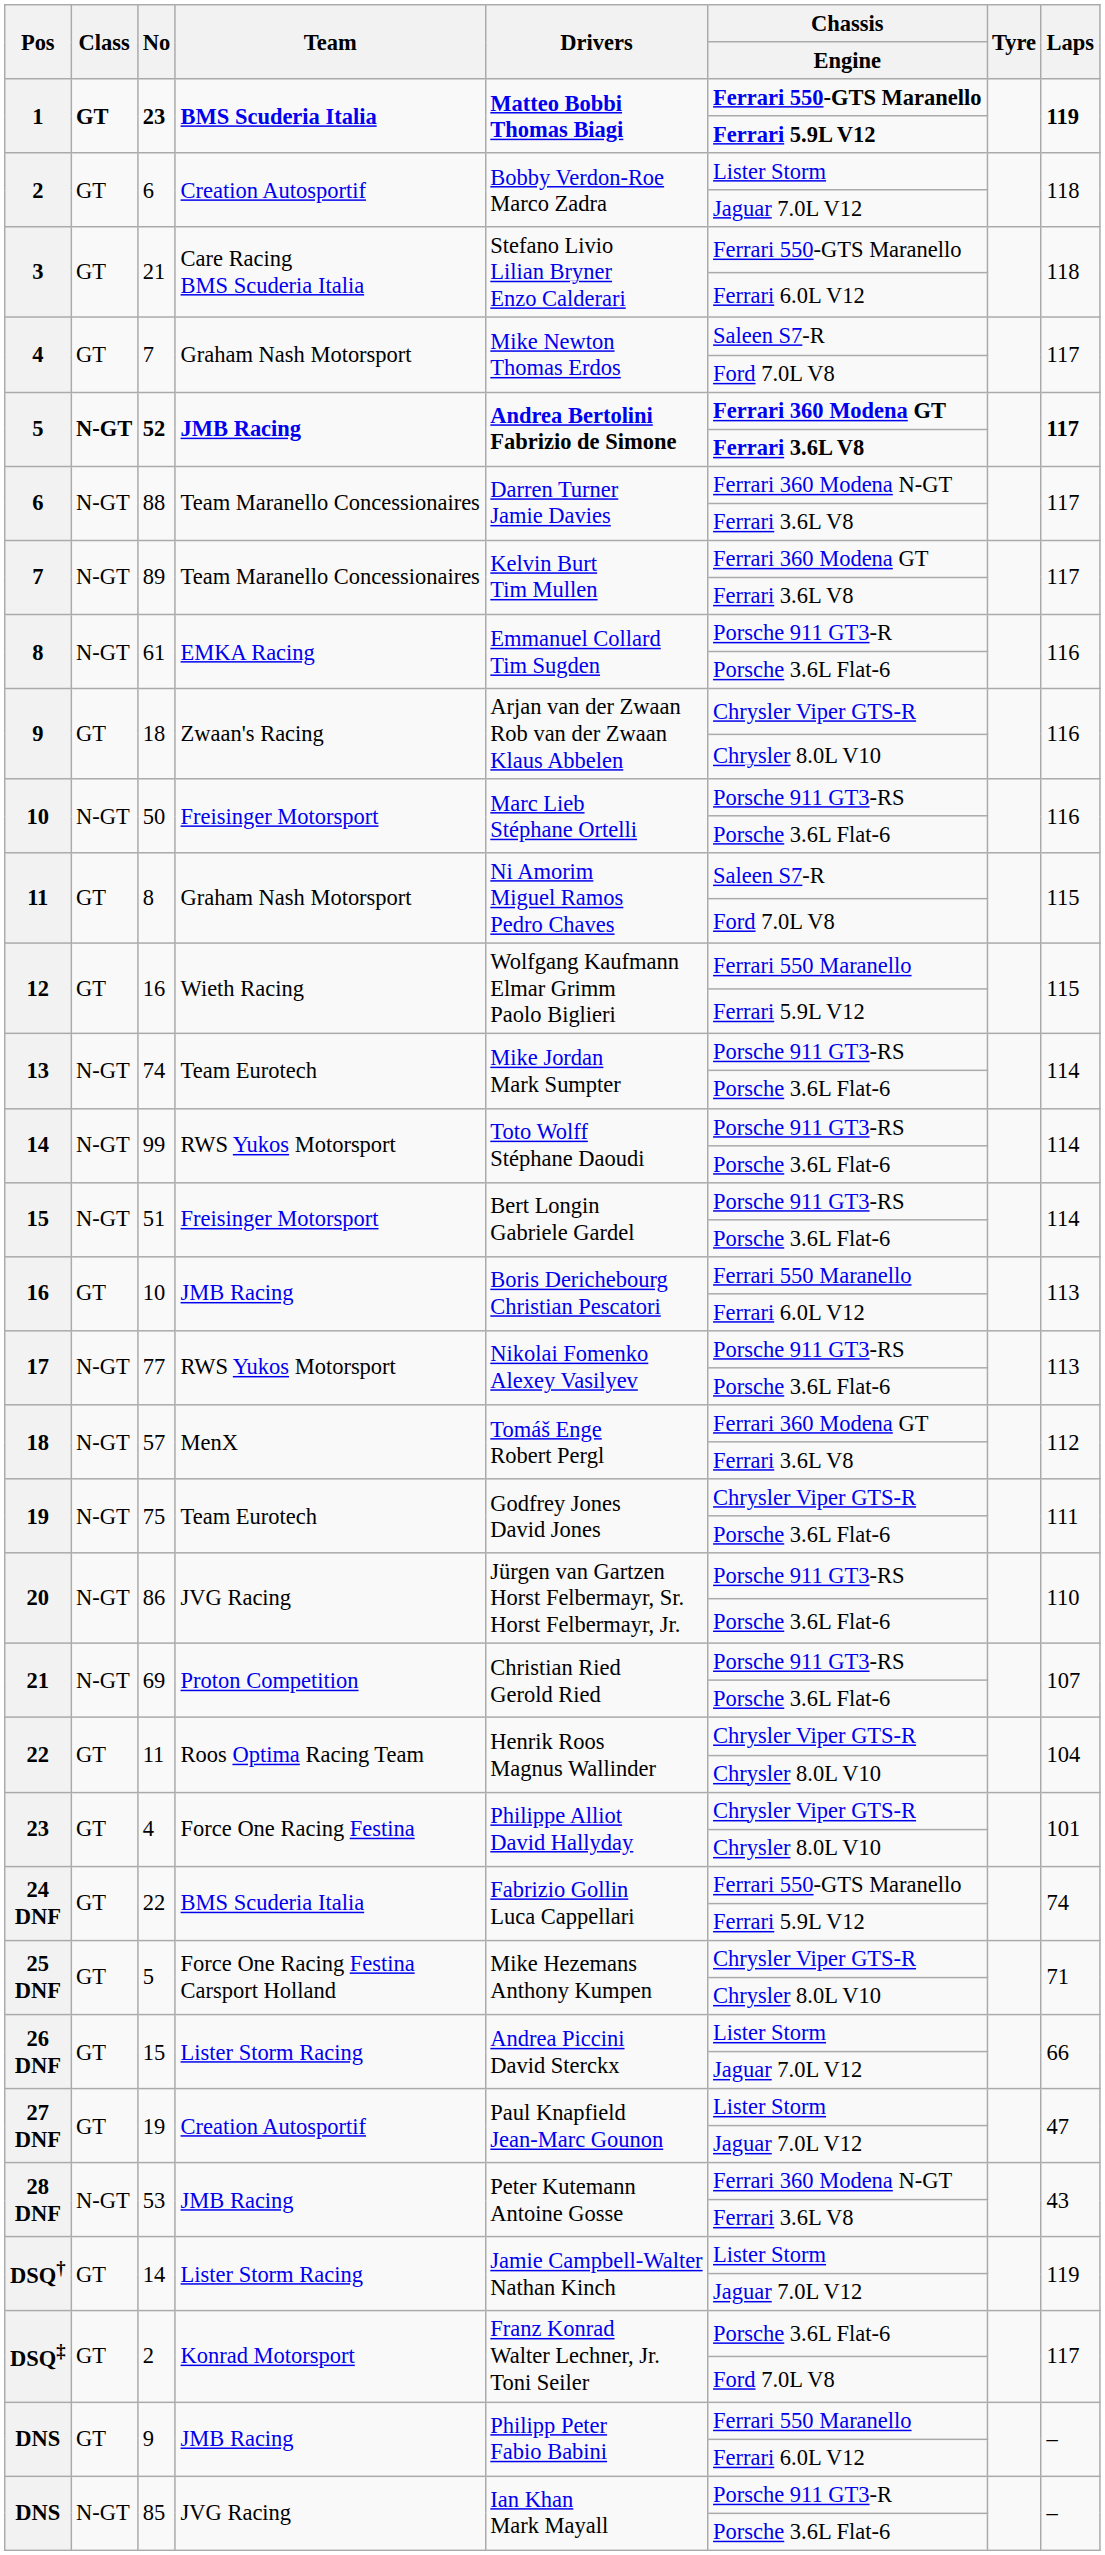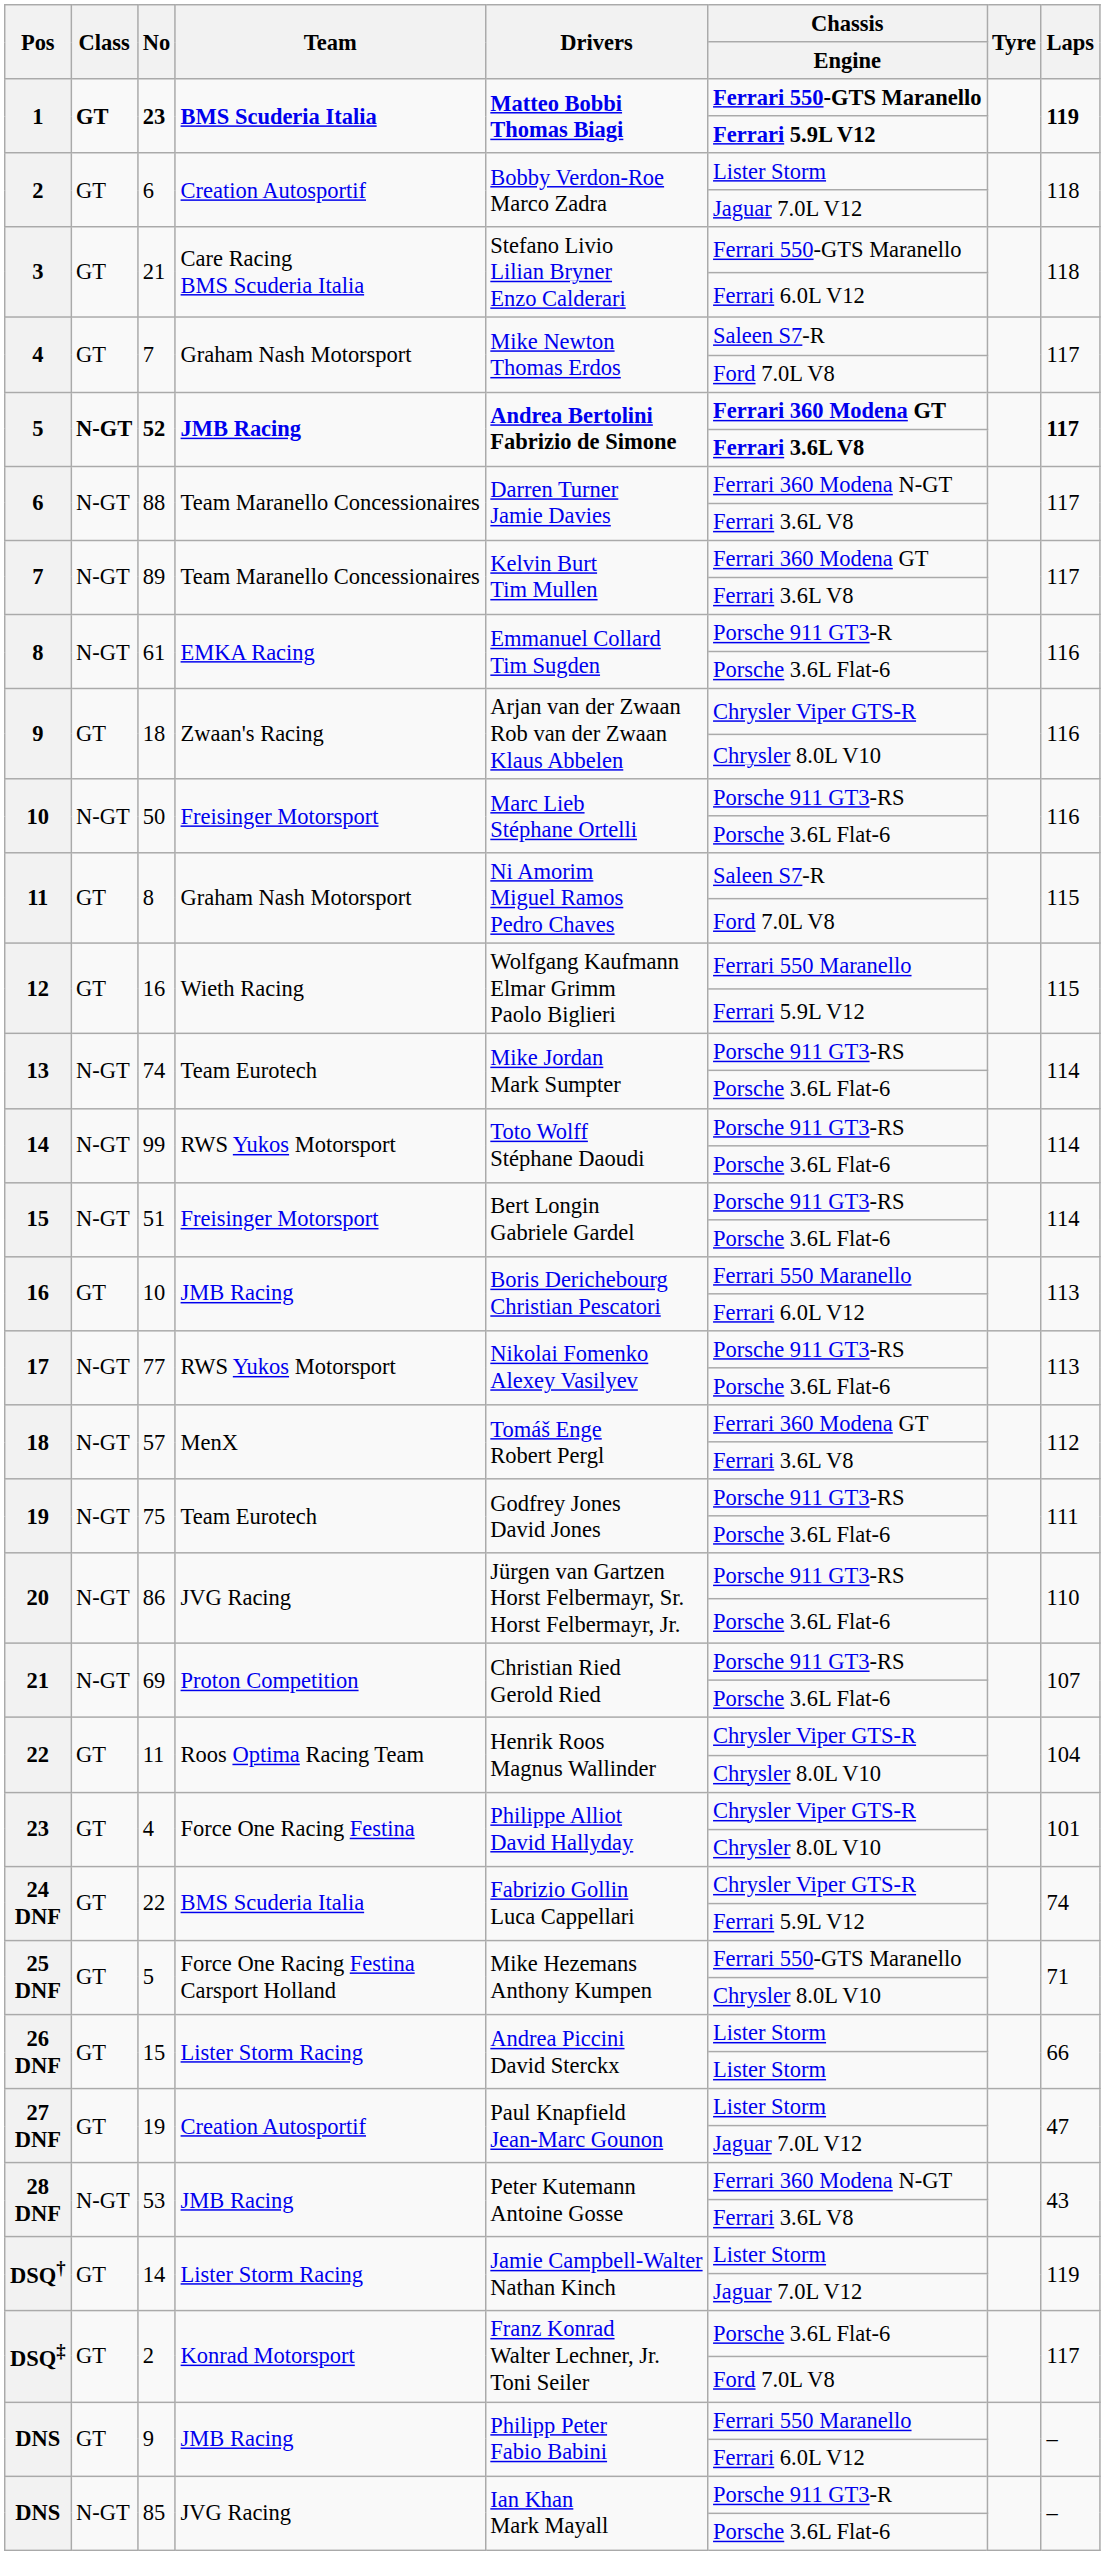 <table class="wikitable" style="font-size: 95%;">
 <tr>
 <th rowspan=2>Pos</th>
 <th rowspan=2>Class</th>
 <th rowspan=2>No</th>
 <th rowspan=2>Team</th>
 <th rowspan=2>Drivers</th>
 <th>Chassis</th>
 <th rowspan=2>Tyre</th>
 <th rowspan=2>Laps</th>
 </tr>
 <tr>
 <th>Engine</th>
 </tr>
 <tr style="font-weight:bold">
 <th rowspan=2>1</th>
 <td rowspan=2>GT</td>
 <td rowspan=2>23</td>
 <td rowspan=2> <a href='#'>BMS Scuderia Italia</a></td>
 <td rowspan=2> <a href='#'>Matteo Bobbi</a><br> <a href='#'>Thomas Biagi</a></td>
 <td><a href='#'>Ferrari 550</a>-GTS Maranello</td>
 <td rowspan=2></td>
 <td rowspan=2>119</td>
 </tr>
 <tr style="font-weight:bold">
 <td><a href='#'>Ferrari</a> 5.9L V12</td>
 </tr>
 <tr>
 <th rowspan=2>2</th>
 <td rowspan=2>GT</td>
 <td rowspan=2>6</td>
 <td rowspan=2> <a href='#'>Creation Autosportif</a></td>
 <td rowspan=2> <a href='#'>Bobby Verdon-Roe</a><br> Marco Zadra</td>
 <td><a href='#'>Lister Storm</a></td>
 <td rowspan=2></td>
 <td rowspan=2>118</td>
 </tr>
 <tr>
 <td><a href='#'>Jaguar</a> 7.0L V12</td>
 </tr>
 <tr>
 <th rowspan=2>3</th>
 <td rowspan=2>GT</td>
 <td rowspan=2>21</td>
 <td rowspan=2> Care Racing<br> <a href='#'>BMS Scuderia Italia</a></td>
 <td rowspan=2> Stefano Livio<br> <a href='#'>Lilian Bryner</a><br> <a href='#'>Enzo Calderari</a></td>
 <td><a href='#'>Ferrari 550</a>-GTS Maranello</td>
 <td rowspan=2></td>
 <td rowspan=2>118</td>
 </tr>
 <tr>
 <td><a href='#'>Ferrari</a> 6.0L V12</td>
 </tr>
 <tr>
 <th rowspan=2>4</th>
 <td rowspan=2>GT</td>
 <td rowspan=2>7</td>
 <td rowspan=2> Graham Nash Motorsport</td>
 <td rowspan=2> <a href='#'>Mike Newton</a><br> <a href='#'>Thomas Erdos</a></td>
 <td><a href='#'>Saleen S7</a>-R</td>
 <td rowspan=2></td>
 <td rowspan=2>117</td>
 </tr>
 <tr>
 <td><a href='#'>Ford</a> 7.0L V8</td>
 </tr>
 <tr style="font-weight:bold">
 <th rowspan=2>5</th>
 <td rowspan=2>N-GT</td>
 <td rowspan=2>52</td>
 <td rowspan=2> <a href='#'>JMB Racing</a></td>
 <td rowspan=2> <a href='#'>Andrea Bertolini</a><br> Fabrizio de Simone</td>
 <td><a href='#'>Ferrari 360 Modena</a> GT</td>
 <td rowspan=2></td>
 <td rowspan=2>117</td>
 </tr>
 <tr style="font-weight:bold">
 <td><a href='#'>Ferrari</a> 3.6L V8</td>
 </tr>
 <tr>
 <th rowspan=2>6</th>
 <td rowspan=2>N-GT</td>
 <td rowspan=2>88</td>
 <td rowspan=2> Team Maranello Concessionaires</td>
 <td rowspan=2> <a href='#'>Darren Turner</a><br> <a href='#'>Jamie Davies</a></td>
 <td><a href='#'>Ferrari 360 Modena</a> N-GT</td>
 <td rowspan=2></td>
 <td rowspan=2>117</td>
 </tr>
 <tr>
 <td><a href='#'>Ferrari</a> 3.6L V8</td>
 </tr>
 <tr>
 <th rowspan=2>7</th>
 <td rowspan=2>N-GT</td>
 <td rowspan=2>89</td>
 <td rowspan=2> Team Maranello Concessionaires</td>
 <td rowspan=2> <a href='#'>Kelvin Burt</a><br> <a href='#'>Tim Mullen</a></td>
 <td><a href='#'>Ferrari 360 Modena</a> GT</td>
 <td rowspan=2></td>
 <td rowspan=2>117</td>
 </tr>
 <tr>
 <td><a href='#'>Ferrari</a> 3.6L V8</td>
 </tr>
 <tr>
 <th rowspan=2>8</th>
 <td rowspan=2>N-GT</td>
 <td rowspan=2>61</td>
 <td rowspan=2> <a href='#'>EMKA Racing</a></td>
 <td rowspan=2> <a href='#'>Emmanuel Collard</a><br> <a href='#'>Tim Sugden</a></td>
 <td><a href='#'>Porsche 911 GT3</a>-R</td>
 <td rowspan=2></td>
 <td rowspan=2>116</td>
 </tr>
 <tr>
 <td><a href='#'>Porsche</a> 3.6L Flat-6</td>
 </tr>
 <tr>
 <th rowspan=2>9</th>
 <td rowspan=2>GT</td>
 <td rowspan=2>18</td>
 <td rowspan=2> Zwaan's Racing</td>
 <td rowspan=2> Arjan van der Zwaan<br> Rob van der Zwaan<br> <a href='#'>Klaus Abbelen</a></td>
 <td><a href='#'>Chrysler Viper GTS-R</a></td>
 <td rowspan=2></td>
 <td rowspan=2>116</td>
 </tr>
 <tr>
 <td><a href='#'>Chrysler</a> 8.0L V10</td>
 </tr>
 <tr>
 <th rowspan=2>10</th>
 <td rowspan=2>N-GT</td>
 <td rowspan=2>50</td>
 <td rowspan=2> <a href='#'>Freisinger Motorsport</a></td>
 <td rowspan=2> <a href='#'>Marc Lieb</a><br> <a href='#'>Stéphane Ortelli</a></td>
 <td><a href='#'>Porsche 911 GT3</a>-RS</td>
 <td rowspan=2></td>
 <td rowspan=2>116</td>
 </tr>
 <tr>
 <td><a href='#'>Porsche</a> 3.6L Flat-6</td>
 </tr>
 <tr>
 <th rowspan=2>11</th>
 <td rowspan=2>GT</td>
 <td rowspan=2>8</td>
 <td rowspan=2> Graham Nash Motorsport</td>
 <td rowspan=2> <a href='#'>Ni Amorim</a><br> <a href='#'>Miguel Ramos</a><br> <a href='#'>Pedro Chaves</a></td>
 <td><a href='#'>Saleen S7</a>-R</td>
 <td rowspan=2></td>
 <td rowspan=2>115</td>
 </tr>
 <tr>
 <td><a href='#'>Ford</a> 7.0L V8</td>
 </tr>
 <tr>
 <th rowspan=2>12</th>
 <td rowspan=2>GT</td>
 <td rowspan=2>16</td>
 <td rowspan=2> Wieth Racing</td>
 <td rowspan=2> Wolfgang Kaufmann<br> Elmar Grimm<br> Paolo Biglieri</td>
 <td><a href='#'>Ferrari 550 Maranello</a></td>
 <td rowspan=2></td>
 <td rowspan=2>115</td>
 </tr>
 <tr>
 <td><a href='#'>Ferrari</a> 5.9L V12</td>
 </tr>
 <tr>
 <th rowspan=2>13</th>
 <td rowspan=2>N-GT</td>
 <td rowspan=2>74</td>
 <td rowspan=2> Team Eurotech</td>
 <td rowspan=2> <a href='#'>Mike Jordan</a><br> Mark Sumpter</td>
 <td><a href='#'>Porsche 911 GT3</a>-RS</td>
 <td rowspan=2></td>
 <td rowspan=2>114</td>
 </tr>
 <tr>
 <td><a href='#'>Porsche</a> 3.6L Flat-6</td>
 </tr>
 <tr>
 <th rowspan=2>14</th>
 <td rowspan=2>N-GT</td>
 <td rowspan=2>99</td>
 <td rowspan=2> RWS <a href='#'>Yukos</a> Motorsport</td>
 <td rowspan=2> <a href='#'>Toto Wolff</a><br> Stéphane Daoudi</td>
 <td><a href='#'>Porsche 911 GT3</a>-RS</td>
 <td rowspan=2></td>
 <td rowspan=2>114</td>
 </tr>
 <tr>
 <td><a href='#'>Porsche</a> 3.6L Flat-6</td>
 </tr>
 <tr>
 <th rowspan=2>15</th>
 <td rowspan=2>N-GT</td>
 <td rowspan=2>51</td>
 <td rowspan=2> <a href='#'>Freisinger Motorsport</a></td>
 <td rowspan=2> Bert Longin<br> Gabriele Gardel</td>
 <td><a href='#'>Porsche 911 GT3</a>-RS</td>
 <td rowspan=2></td>
 <td rowspan=2>114</td>
 </tr>
 <tr>
 <td><a href='#'>Porsche</a> 3.6L Flat-6</td>
 </tr>
 <tr>
 <th rowspan=2>16</th>
 <td rowspan=2>GT</td>
 <td rowspan=2>10</td>
 <td rowspan=2> <a href='#'>JMB Racing</a></td>
 <td rowspan=2> <a href='#'>Boris Derichebourg</a><br> <a href='#'>Christian Pescatori</a></td>
 <td><a href='#'>Ferrari 550 Maranello</a></td>
 <td rowspan=2></td>
 <td rowspan=2>113</td>
 </tr>
 <tr>
 <td><a href='#'>Ferrari</a> 6.0L V12</td>
 </tr>
 <tr>
 <th rowspan=2>17</th>
 <td rowspan=2>N-GT</td>
 <td rowspan=2>77</td>
 <td rowspan=2> RWS <a href='#'>Yukos</a> Motorsport</td>
 <td rowspan=2> <a href='#'>Nikolai Fomenko</a><br> <a href='#'>Alexey Vasilyev</a></td>
 <td><a href='#'>Porsche 911 GT3</a>-RS</td>
 <td rowspan=2></td>
 <td rowspan=2>113</td>
 </tr>
 <tr>
 <td><a href='#'>Porsche</a> 3.6L Flat-6</td>
 </tr>
 <tr>
 <th rowspan=2>18</th>
 <td rowspan=2>N-GT</td>
 <td rowspan=2>57</td>
 <td rowspan=2> MenX</td>
 <td rowspan=2> <a href='#'>Tomáš Enge</a><br> Robert Pergl</td>
 <td><a href='#'>Ferrari 360 Modena</a> GT</td>
 <td rowspan=2></td>
 <td rowspan=2>112</td>
 </tr>
 <tr>
 <td><a href='#'>Ferrari</a> 3.6L V8</td>
 </tr>
 <tr>
 <th rowspan=2>19</th>
 <td rowspan=2>N-GT</td>
 <td rowspan=2>75</td>
 <td rowspan=2> Team Eurotech</td>
 <td rowspan=2> Godfrey Jones<br> David Jones</td>
-<td><a href='#'>Chrysler Viper GTS-R</a></td>
+<td><a href='#'>Porsche 911 GT3</a>-RS</td>
 <td rowspan=2></td>
 <td rowspan=2>111</td>
 </tr>
 <tr>
 <td><a href='#'>Porsche</a> 3.6L Flat-6</td>
 </tr>
 <tr>
 <th rowspan=2>20</th>
 <td rowspan=2>N-GT</td>
 <td rowspan=2>86</td>
 <td rowspan=2> JVG Racing</td>
 <td rowspan=2> Jürgen van Gartzen<br> Horst Felbermayr, Sr.<br> Horst Felbermayr, Jr.</td>
 <td><a href='#'>Porsche 911 GT3</a>-RS</td>
 <td rowspan=2></td>
 <td rowspan=2>110</td>
 </tr>
 <tr>
 <td><a href='#'>Porsche</a> 3.6L Flat-6</td>
 </tr>
 <tr>
 <th rowspan=2>21</th>
 <td rowspan=2>N-GT</td>
 <td rowspan=2>69</td>
 <td rowspan=2> <a href='#'>Proton Competition</a></td>
 <td rowspan=2> Christian Ried<br> Gerold Ried</td>
 <td><a href='#'>Porsche 911 GT3</a>-RS</td>
 <td rowspan=2></td>
 <td rowspan=2>107</td>
 </tr>
 <tr>
 <td><a href='#'>Porsche</a> 3.6L Flat-6</td>
 </tr>
 <tr>
 <th rowspan=2>22</th>
 <td rowspan=2>GT</td>
 <td rowspan=2>11</td>
 <td rowspan=2> Roos <a href='#'>Optima</a> Racing Team</td>
 <td rowspan=2> Henrik Roos<br> Magnus Wallinder</td>
 <td><a href='#'>Chrysler Viper GTS-R</a></td>
 <td rowspan=2></td>
 <td rowspan=2>104</td>
 </tr>
 <tr>
 <td><a href='#'>Chrysler</a> 8.0L V10</td>
 </tr>
 <tr>
 <th rowspan=2>23</th>
 <td rowspan=2>GT</td>
 <td rowspan=2>4</td>
 <td rowspan=2> Force One Racing <a href='#'>Festina</a></td>
 <td rowspan=2> <a href='#'>Philippe Alliot</a><br> <a href='#'>David Hallyday</a></td>
 <td><a href='#'>Chrysler Viper GTS-R</a></td>
 <td rowspan=2></td>
 <td rowspan=2>101</td>
 </tr>
 <tr>
 <td><a href='#'>Chrysler</a> 8.0L V10</td>
 </tr>
 <tr>
 <th rowspan=2>24<br>DNF</th>
 <td rowspan=2>GT</td>
 <td rowspan=2>22</td>
 <td rowspan=2> <a href='#'>BMS Scuderia Italia</a></td>
 <td rowspan=2> <a href='#'>Fabrizio Gollin</a><br> Luca Cappellari</td>
-<td><a href='#'>Ferrari 550</a>-GTS Maranello</td>
+<td><a href='#'>Chrysler Viper GTS-R</a></td>
 <td rowspan=2></td>
 <td rowspan=2>74</td>
 </tr>
 <tr>
 <td><a href='#'>Ferrari</a> 5.9L V12</td>
 </tr>
 <tr>
 <th rowspan=2>25<br>DNF</th>
 <td rowspan=2>GT</td>
 <td rowspan=2>5</td>
 <td rowspan=2> Force One Racing <a href='#'>Festina</a><br> Carsport Holland</td>
 <td rowspan=2> Mike Hezemans<br> Anthony Kumpen</td>
-<td><a href='#'>Chrysler Viper GTS-R</a></td>
+<td><a href='#'>Ferrari 550</a>-GTS Maranello</td>
 <td rowspan=2></td>
 <td rowspan=2>71</td>
 </tr>
 <tr>
 <td><a href='#'>Chrysler</a> 8.0L V10</td>
 </tr>
 <tr>
 <th rowspan=2>26<br>DNF</th>
 <td rowspan=2>GT</td>
 <td rowspan=2>15</td>
 <td rowspan=2> <a href='#'>Lister Storm Racing</a></td>
 <td rowspan=2> <a href='#'>Andrea Piccini</a><br> David Sterckx</td>
 <td><a href='#'>Lister Storm</a></td>
 <td rowspan=2></td>
 <td rowspan=2>66</td>
 </tr>
 <tr>
-<td><a href='#'>Jaguar</a> 7.0L V12</td>
+<td><a href='#'>Lister Storm</a></td>
 </tr>
 <tr>
 <th rowspan=2>27<br>DNF</th>
 <td rowspan=2>GT</td>
 <td rowspan=2>19</td>
 <td rowspan=2> <a href='#'>Creation Autosportif</a></td>
 <td rowspan=2> Paul Knapfield<br> <a href='#'>Jean-Marc Gounon</a></td>
 <td><a href='#'>Lister Storm</a></td>
 <td rowspan=2></td>
 <td rowspan=2>47</td>
 </tr>
 <tr>
 <td><a href='#'>Jaguar</a> 7.0L V12</td>
 </tr>
 <tr>
 <th rowspan=2>28<br>DNF</th>
 <td rowspan=2>N-GT</td>
 <td rowspan=2>53</td>
 <td rowspan=2> <a href='#'>JMB Racing</a></td>
 <td rowspan=2> Peter Kutemann<br> Antoine Gosse</td>
 <td><a href='#'>Ferrari 360 Modena</a> N-GT</td>
 <td rowspan=2></td>
 <td rowspan=2>43</td>
 </tr>
 <tr>
 <td><a href='#'>Ferrari</a> 3.6L V8</td>
 </tr>
 <tr>
 <th rowspan=2>DSQ<sup>†</sup></th>
 <td rowspan=2>GT</td>
 <td rowspan=2>14</td>
 <td rowspan=2> <a href='#'>Lister Storm Racing</a></td>
 <td rowspan=2> <a href='#'>Jamie Campbell-Walter</a><br> Nathan Kinch</td>
 <td><a href='#'>Lister Storm</a></td>
 <td rowspan=2></td>
 <td rowspan=2>119</td>
 </tr>
 <tr>
 <td><a href='#'>Jaguar</a> 7.0L V12</td>
 </tr>
 <tr>
 <th rowspan=2>DSQ<sup>‡</sup></th>
 <td rowspan=2>GT</td>
 <td rowspan=2>2</td>
 <td rowspan=2> <a href='#'>Konrad Motorsport</a></td>
 <td rowspan=2> <a href='#'>Franz Konrad</a><br> Walter Lechner, Jr.<br> Toni Seiler</td>
 <td><a href='#'>Porsche</a> 3.6L Flat-6</td>
 <td rowspan=2></td>
 <td rowspan=2>117</td>
 </tr>
 <tr>
 <td><a href='#'>Ford</a> 7.0L V8</td>
 </tr>
 <tr>
 <th rowspan=2>DNS</th>
 <td rowspan=2>GT</td>
 <td rowspan=2>9</td>
 <td rowspan=2> <a href='#'>JMB Racing</a></td>
 <td rowspan=2> <a href='#'>Philipp Peter</a><br> <a href='#'>Fabio Babini</a></td>
 <td><a href='#'>Ferrari 550 Maranello</a></td>
 <td rowspan=2></td>
 <td rowspan=2>–</td>
 </tr>
 <tr>
 <td><a href='#'>Ferrari</a> 6.0L V12</td>
 </tr>
 <tr>
 <th rowspan=2>DNS</th>
 <td rowspan=2>N-GT</td>
 <td rowspan=2>85</td>
 <td rowspan=2> JVG Racing</td>
 <td rowspan=2> <a href='#'>Ian Khan</a><br> Mark Mayall</td>
 <td><a href='#'>Porsche 911 GT3</a>-R</td>
 <td rowspan=2></td>
 <td rowspan=2>–</td>
 </tr>
 <tr>
 <td><a href='#'>Porsche</a> 3.6L Flat-6</td>
 </tr>
 </table>
